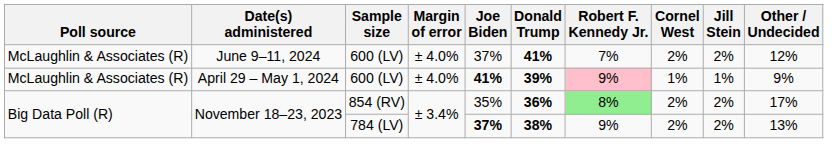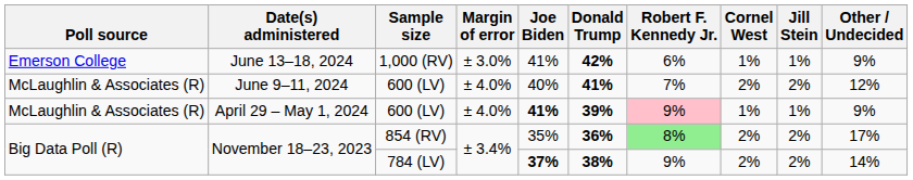 <table class="wikitable sortable mw-datatable" style="font-size:90%;text-align:center;line-height:17px">
 <tr valign=bottom>
 <th>Poll source</th>
 <th>Date(s)<br>administered</th>
 <th>Sample<br>size</th>
 <th>Margin<br>of error</th>
 <th class="unsortable">Joe<br>Biden<br></th>
 <th class="unsortable">Donald<br>Trump<br></th>
 <th class="unsortable">Robert F.<br>Kennedy Jr.<br></th>
 <th class="unsortable">Cornel<br>West<br></th>
 <th class="unsortable">Jill<br>Stein<br></th>
 <th class="unsortable">Other /<br>Undecided</th>
 </tr>
 <tr>
+<td style="text-align:left;"><a href='#'>Emerson College</a></td>
+<td data-sort-value="2024-06-20">June 13–18, 2024</td>
+<td>1,000 (RV)</td>
+<td>± 3.0%</td>
+<td>41%</td>
+<td style="background-color:"><strong>42%</strong></td>
+<td>6%</td>
+<td>1%</td>
+<td>1%</td>
+<td>9%</td>
+</tr>
+<tr>
 <td style="text-align:left;">McLaughlin & Associates (R)</td>
 <td data-sort-value="2024-06-13">June 9–11, 2024</td>
 <td>600 (LV)</td>
 <td>± 4.0%</td>
-<td>37%</td>
+<td>40%</td>
 <td style="background-color:"><strong>41%</strong></td>
 <td>7%</td>
 <td>2%</td>
 <td>2%</td>
 <td>12%</td>
 </tr>
 <tr>
 <td style="text-align:left;">McLaughlin & Associates (R)</td>
 <td data-sort-value="2024-05-07">April 29 – May 1, 2024</td>
 <td>600 (LV)</td>
 <td>± 4.0%</td>
 <td><strong>41%</strong></td>
 <td><strong>39%</strong></td>
 <td style="background: pink;">9%</td>
 <td>1%</td>
 <td>1%</td>
 <td>9%</td>
 </tr>
 <tr>
 <td style="text-align:left;" rowspan="2">Big Data Poll (R)</td>
 <td rowspan="2">November 18–23, 2023</td>
 <td>854 (RV)</td>
 <td rowspan="2">± 3.4%</td>
 <td>35%</td>
 <td style="background-color:"><strong>36%</strong></td>
 <td style="background: lightgreen;">8%</td>
 <td>2%</td>
 <td>2%</td>
 <td>17%</td>
 </tr>
 <tr>
 <td>784 (LV)</td>
 <td><strong>37%</strong></td>
 <td><strong>38%</strong></td>
 <td>9%</td>
 <td>2%</td>
 <td>2%</td>
-<td>13%</td>
+<td>14%</td>
 </tr>
 </table>
